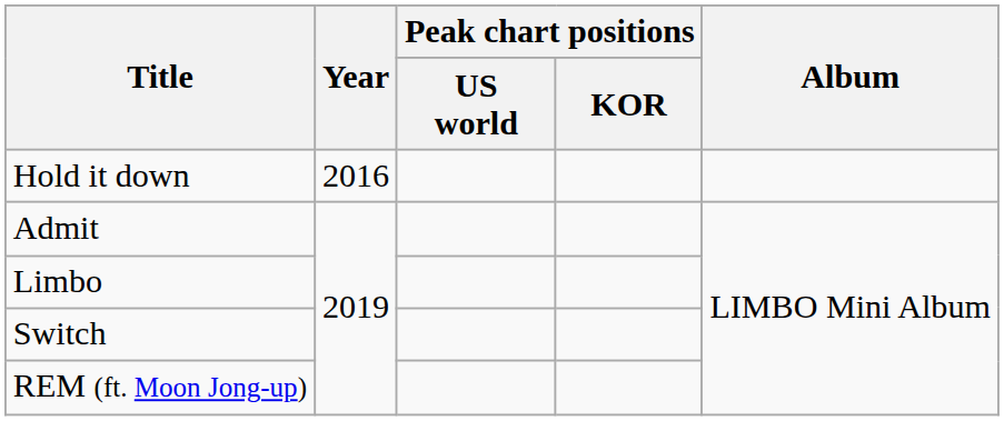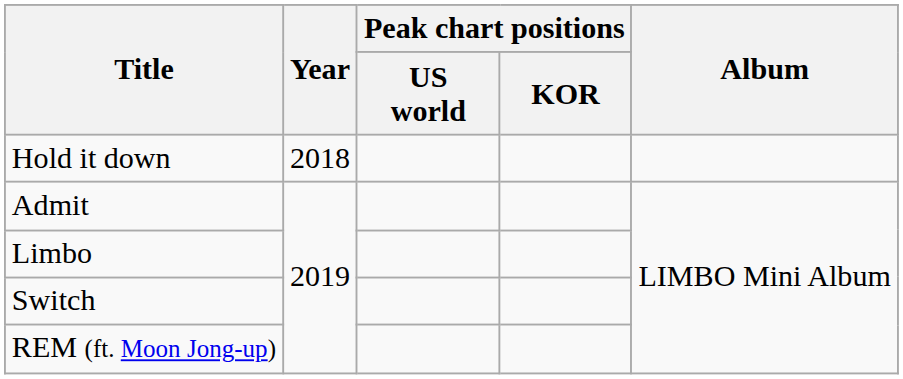 <table class="wikitable">
 <tr>
 <th rowspan="2">Title</th>
 <th rowspan="2">Year</th>
 <th colspan="2">Peak chart positions</th>
 <th rowspan="2">Album</th>
 </tr>
 <tr>
 <th>US<br>world</th>
 <th>KOR</th>
 </tr>
 <tr>
 <td>Hold it down</td>
-<td>2016</td>
+<td>2018</td>
 <td></td>
 <td></td>
 <td></td>
 </tr>
 <tr>
 <td>Admit</td>
 <td rowspan = 4>2019</td>
 <td></td>
 <td></td>
 <td rowspan = 4>LIMBO Mini Album</td>
 </tr>
 <tr>
 <td>Limbo</td>
 <td></td>
 <td></td>
 </tr>
 <tr>
 <td>Switch</td>
 <td></td>
 <td></td>
 </tr>
 <tr>
 <td>REM <small>(ft. <a href='#'>Moon Jong-up</a>)</small></td>
 <td></td>
 <td></td>
 </tr>
 </table>
